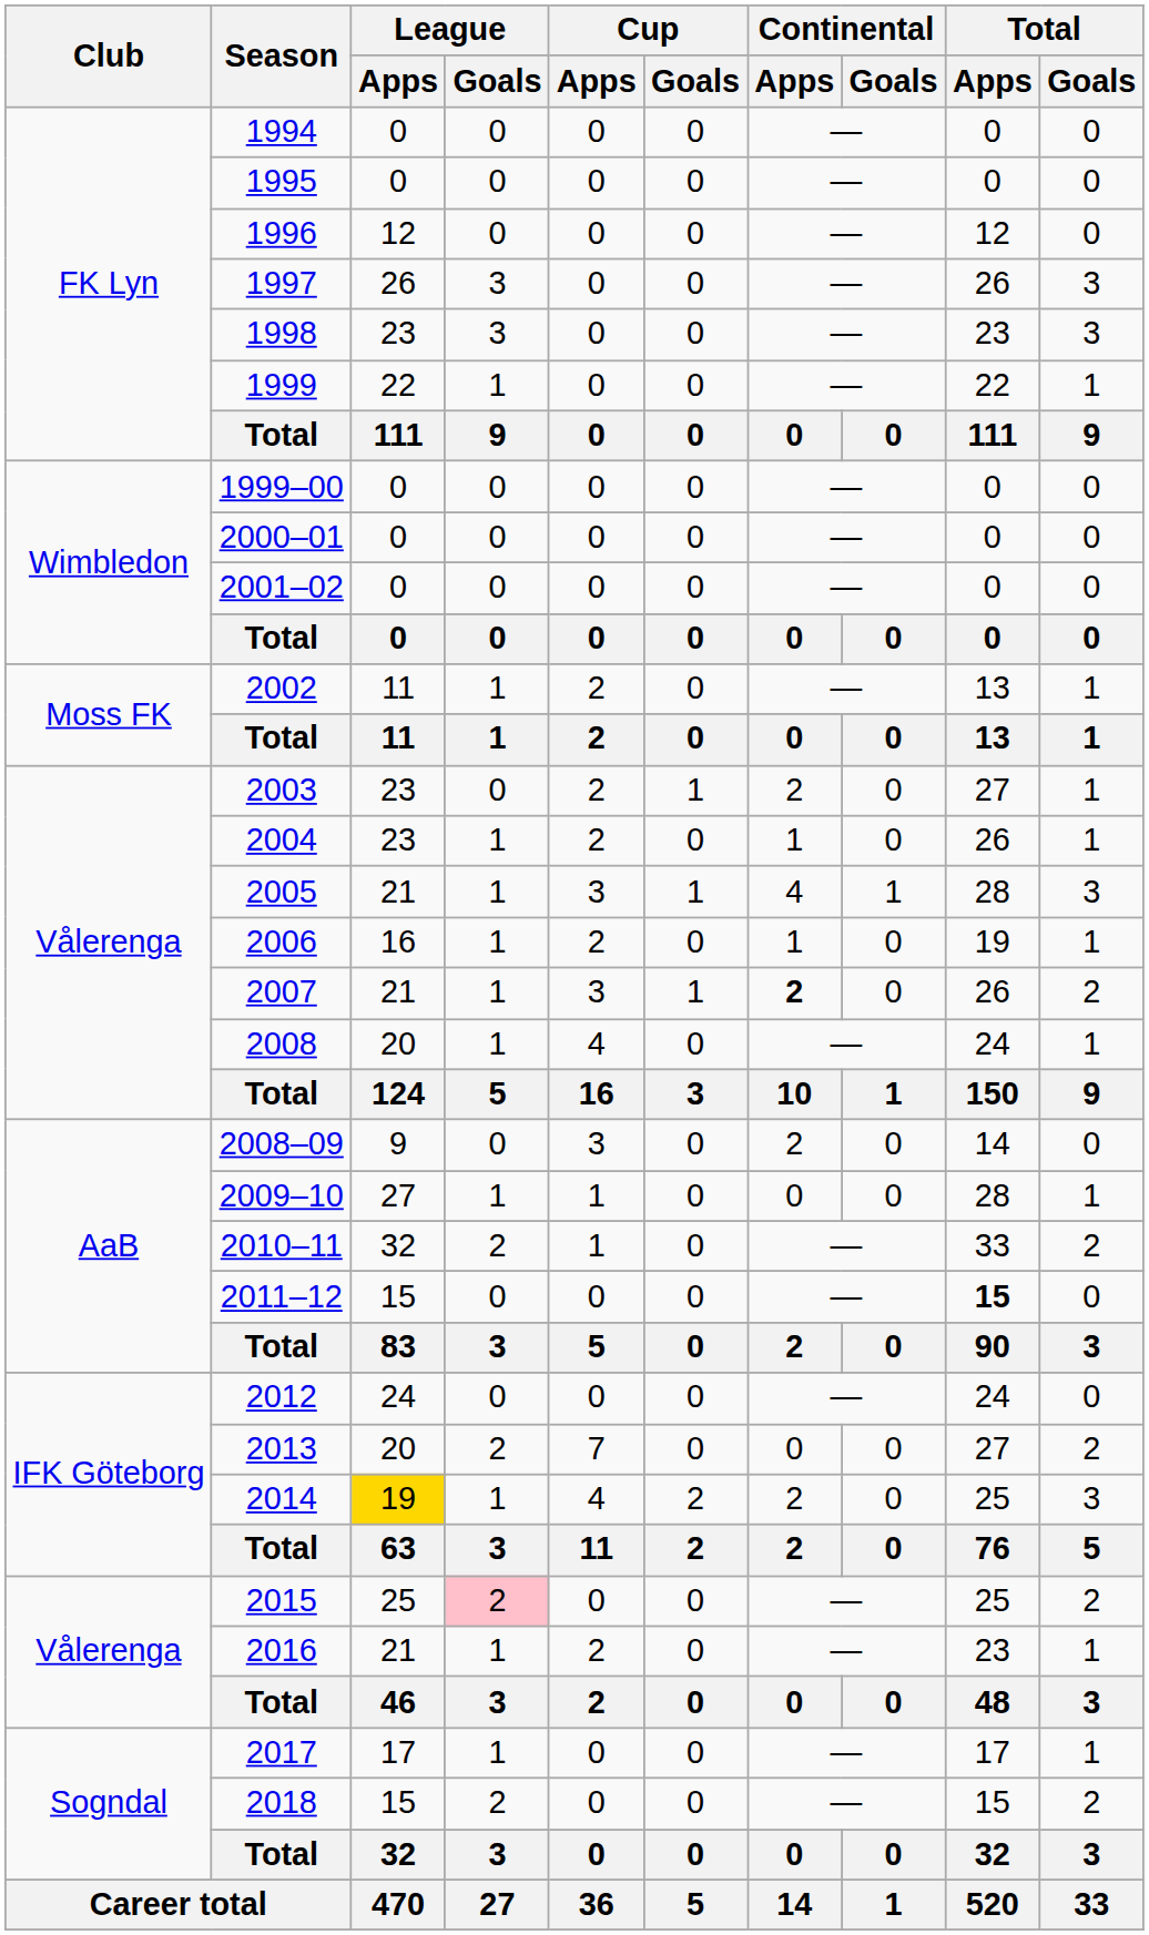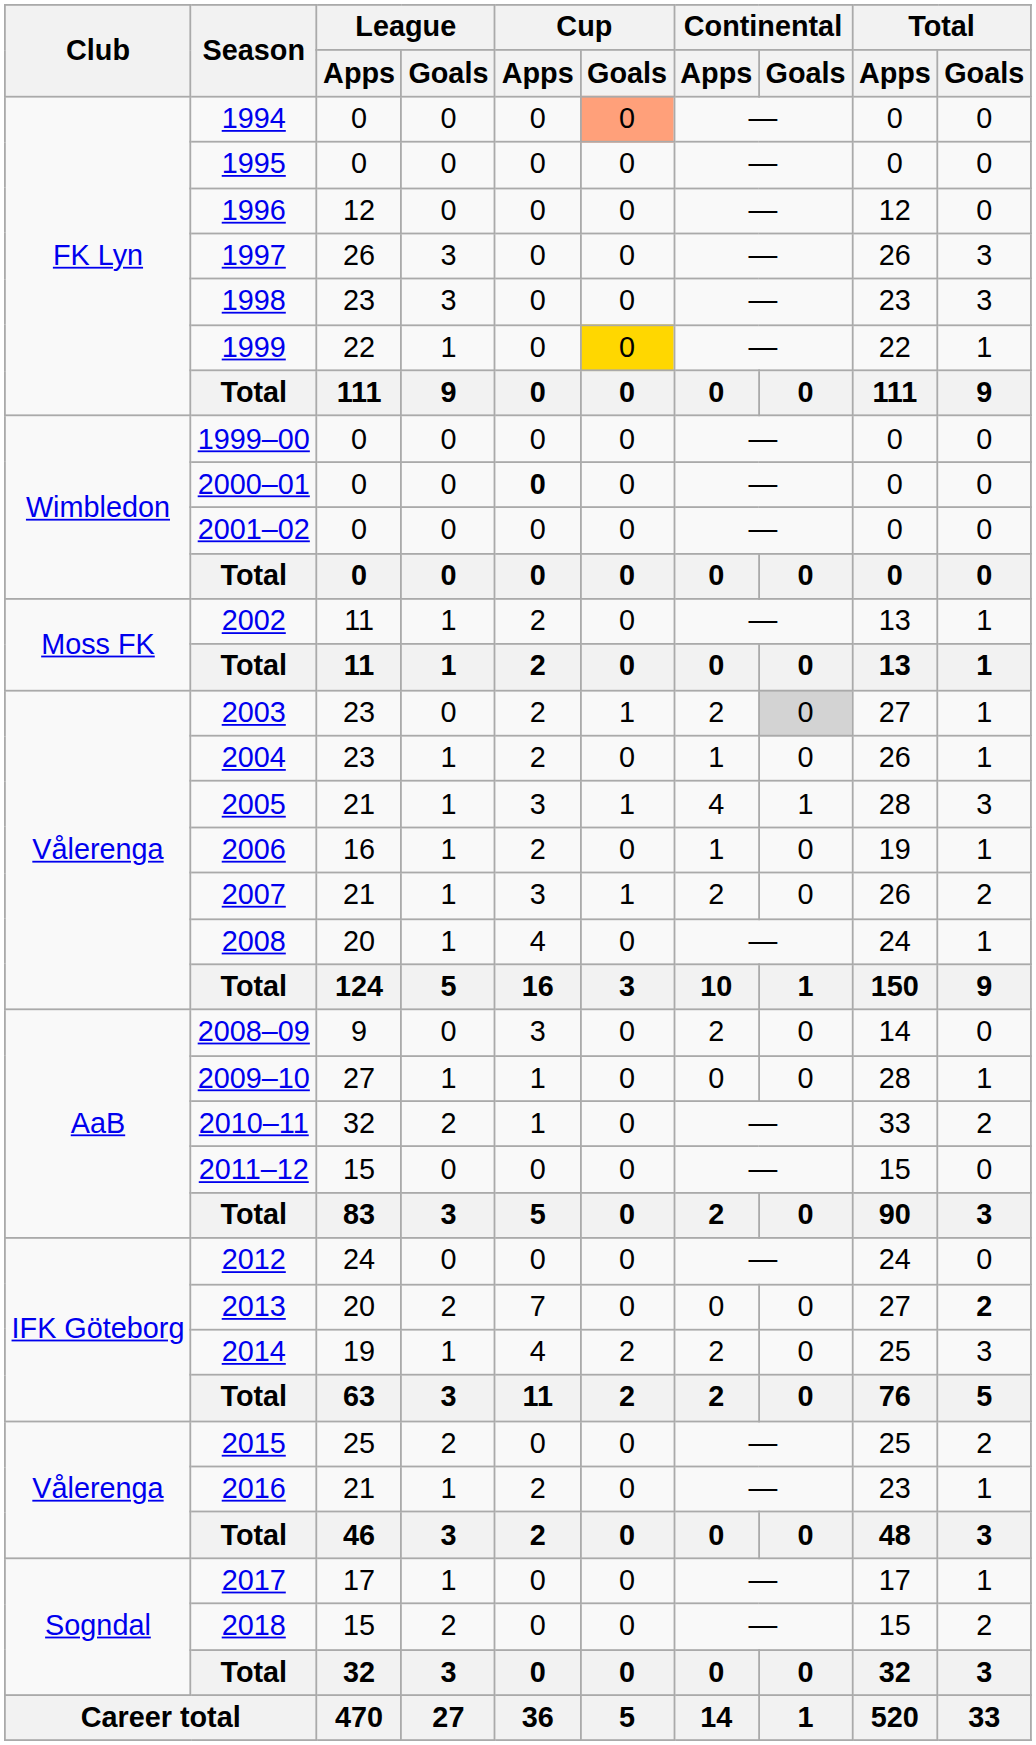 <table class="wikitable" style="text-align:center">
 <tr>
 <th rowspan="2">Club</th>
 <th rowspan="2">Season</th>
 <th colspan="2">League</th>
 <th colspan="2">Cup</th>
 <th colspan="2">Continental</th>
 <th colspan="2">Total</th>
 </tr>
 <tr>
 <th>Apps</th>
 <th>Goals</th>
 <th>Apps</th>
 <th>Goals</th>
 <th>Apps</th>
 <th>Goals</th>
 <th>Apps</th>
 <th>Goals</th>
 </tr>
 <tr>
 <td rowspan=7><a href='#'>FK Lyn</a></td>
 <td><a href='#'>1994</a></td>
 <td>0</td>
 <td>0</td>
 <td>0</td>
-<td>0</td>
+<td style="background: lightsalmon;">0</td>
 <td colspan="2">—</td>
 <td>0</td>
 <td>0</td>
 </tr>
 <tr>
 <td><a href='#'>1995</a></td>
 <td>0</td>
 <td>0</td>
 <td>0</td>
 <td>0</td>
 <td colspan="2">—</td>
 <td>0</td>
 <td>0</td>
 </tr>
 <tr>
 <td><a href='#'>1996</a></td>
 <td>12</td>
 <td>0</td>
 <td>0</td>
 <td>0</td>
 <td colspan="2">—</td>
 <td>12</td>
 <td>0</td>
 </tr>
 <tr>
 <td><a href='#'>1997</a></td>
 <td>26</td>
 <td>3</td>
 <td>0</td>
 <td>0</td>
 <td colspan="2">—</td>
 <td>26</td>
 <td>3</td>
 </tr>
 <tr>
 <td><a href='#'>1998</a></td>
 <td>23</td>
 <td>3</td>
 <td>0</td>
 <td>0</td>
 <td colspan="2">—</td>
 <td>23</td>
 <td>3</td>
 </tr>
 <tr>
 <td><a href='#'>1999</a></td>
 <td>22</td>
 <td>1</td>
 <td>0</td>
-<td>0</td>
+<td style="background: gold;">0</td>
 <td colspan="2">—</td>
 <td>22</td>
 <td>1</td>
 </tr>
 <tr>
 <th>Total</th>
 <th>111</th>
 <th>9</th>
 <th>0</th>
 <th>0</th>
 <th>0</th>
 <th>0</th>
 <th>111</th>
 <th>9</th>
 </tr>
 <tr>
 <td rowspan=4><a href='#'>Wimbledon</a></td>
 <td><a href='#'>1999–00</a></td>
 <td>0</td>
 <td>0</td>
 <td>0</td>
 <td>0</td>
 <td colspan="2">—</td>
 <td>0</td>
 <td>0</td>
 </tr>
 <tr>
 <td><a href='#'>2000–01</a></td>
 <td>0</td>
 <td>0</td>
-<td>0</td>
+<td><strong>0</strong></td>
 <td>0</td>
 <td colspan="2">—</td>
 <td>0</td>
 <td>0</td>
 </tr>
 <tr>
 <td><a href='#'>2001–02</a></td>
 <td>0</td>
 <td>0</td>
 <td>0</td>
 <td>0</td>
 <td colspan="2">—</td>
 <td>0</td>
 <td>0</td>
 </tr>
 <tr>
 <th>Total</th>
 <th>0</th>
 <th>0</th>
 <th>0</th>
 <th>0</th>
 <th>0</th>
 <th>0</th>
 <th>0</th>
 <th>0</th>
 </tr>
 <tr>
 <td rowspan=2><a href='#'>Moss FK</a></td>
 <td><a href='#'>2002</a></td>
 <td>11</td>
 <td>1</td>
 <td>2</td>
 <td>0</td>
 <td colspan="2">—</td>
 <td>13</td>
 <td>1</td>
 </tr>
 <tr>
 <th>Total</th>
 <th>11</th>
 <th>1</th>
 <th>2</th>
 <th>0</th>
 <th>0</th>
 <th>0</th>
 <th>13</th>
 <th>1</th>
 </tr>
 <tr>
 <td rowspan=7><a href='#'>Vålerenga</a></td>
 <td><a href='#'>2003</a></td>
 <td>23</td>
 <td>0</td>
 <td>2</td>
 <td>1</td>
 <td>2</td>
-<td>0</td>
+<td style="background: lightgrey;">0</td>
 <td>27</td>
 <td>1</td>
 </tr>
 <tr>
 <td><a href='#'>2004</a></td>
 <td>23</td>
 <td>1</td>
 <td>2</td>
 <td>0</td>
 <td>1</td>
 <td>0</td>
 <td>26</td>
 <td>1</td>
 </tr>
 <tr>
 <td><a href='#'>2005</a></td>
 <td>21</td>
 <td>1</td>
 <td>3</td>
 <td>1</td>
 <td>4</td>
 <td>1</td>
 <td>28</td>
 <td>3</td>
 </tr>
 <tr>
 <td><a href='#'>2006</a></td>
 <td>16</td>
 <td>1</td>
 <td>2</td>
 <td>0</td>
 <td>1</td>
 <td>0</td>
 <td>19</td>
 <td>1</td>
 </tr>
 <tr>
 <td><a href='#'>2007</a></td>
 <td>21</td>
 <td>1</td>
 <td>3</td>
 <td>1</td>
-<td><strong>2</strong></td>
+<td>2</td>
 <td>0</td>
 <td>26</td>
 <td>2</td>
 </tr>
 <tr>
 <td><a href='#'>2008</a></td>
 <td>20</td>
 <td>1</td>
 <td>4</td>
 <td>0</td>
 <td colspan="2">—</td>
 <td>24</td>
 <td>1</td>
 </tr>
 <tr>
 <th>Total</th>
 <th>124</th>
 <th>5</th>
 <th>16</th>
 <th>3</th>
 <th>10</th>
 <th>1</th>
 <th>150</th>
 <th>9</th>
 </tr>
 <tr>
 <td rowspan=5><a href='#'>AaB</a></td>
 <td><a href='#'>2008–09</a></td>
 <td>9</td>
 <td>0</td>
 <td>3</td>
 <td>0</td>
 <td>2</td>
 <td>0</td>
 <td>14</td>
 <td>0</td>
 </tr>
 <tr>
 <td><a href='#'>2009–10</a></td>
 <td>27</td>
 <td>1</td>
 <td>1</td>
 <td>0</td>
 <td>0</td>
 <td>0</td>
 <td>28</td>
 <td>1</td>
 </tr>
 <tr>
 <td><a href='#'>2010–11</a></td>
 <td>32</td>
 <td>2</td>
 <td>1</td>
 <td>0</td>
 <td colspan="2">—</td>
 <td>33</td>
 <td>2</td>
 </tr>
 <tr>
 <td><a href='#'>2011–12</a></td>
 <td>15</td>
 <td>0</td>
 <td>0</td>
 <td>0</td>
 <td colspan="2">—</td>
-<td><strong>15</strong></td>
+<td>15</td>
 <td>0</td>
 </tr>
 <tr>
 <th>Total</th>
 <th>83</th>
 <th>3</th>
 <th>5</th>
 <th>0</th>
 <th>2</th>
 <th>0</th>
 <th>90</th>
 <th>3</th>
 </tr>
 <tr>
 <td rowspan=4><a href='#'>IFK Göteborg</a></td>
 <td><a href='#'>2012</a></td>
 <td>24</td>
 <td>0</td>
 <td>0</td>
 <td>0</td>
 <td colspan="2">—</td>
 <td>24</td>
 <td>0</td>
 </tr>
 <tr>
 <td><a href='#'>2013</a></td>
 <td>20</td>
 <td>2</td>
 <td>7</td>
 <td>0</td>
 <td>0</td>
 <td>0</td>
 <td>27</td>
-<td>2</td>
+<td><strong>2</strong></td>
 </tr>
 <tr>
 <td><a href='#'>2014</a></td>
-<td style="background: gold;">19</td>
+<td>19</td>
 <td>1</td>
 <td>4</td>
 <td>2</td>
 <td>2</td>
 <td>0</td>
 <td>25</td>
 <td>3</td>
 </tr>
 <tr>
 <th>Total</th>
 <th>63</th>
 <th>3</th>
 <th>11</th>
 <th>2</th>
 <th>2</th>
 <th>0</th>
 <th>76</th>
 <th>5</th>
 </tr>
 <tr>
 <td rowspan=3><a href='#'>Vålerenga</a></td>
 <td><a href='#'>2015</a></td>
 <td>25</td>
-<td style="background: pink;">2</td>
+<td>2</td>
 <td>0</td>
 <td>0</td>
 <td colspan="2">—</td>
 <td>25</td>
 <td>2</td>
 </tr>
 <tr>
 <td><a href='#'>2016</a></td>
 <td>21</td>
 <td>1</td>
 <td>2</td>
 <td>0</td>
 <td colspan="2">—</td>
 <td>23</td>
 <td>1</td>
 </tr>
 <tr>
 <th>Total</th>
 <th>46</th>
 <th>3</th>
 <th>2</th>
 <th>0</th>
 <th>0</th>
 <th>0</th>
 <th>48</th>
 <th>3</th>
 </tr>
 <tr>
 <td rowspan=3><a href='#'>Sogndal</a></td>
 <td><a href='#'>2017</a></td>
 <td>17</td>
 <td>1</td>
 <td>0</td>
 <td>0</td>
 <td colspan="2">—</td>
 <td>17</td>
 <td>1</td>
 </tr>
 <tr>
 <td><a href='#'>2018</a></td>
 <td>15</td>
 <td>2</td>
 <td>0</td>
 <td>0</td>
 <td colspan="2">—</td>
 <td>15</td>
 <td>2</td>
 </tr>
 <tr>
 <th>Total</th>
 <th>32</th>
 <th>3</th>
 <th>0</th>
 <th>0</th>
 <th>0</th>
 <th>0</th>
 <th>32</th>
 <th>3</th>
 </tr>
 <tr>
 <th colspan="2">Career total</th>
 <th>470</th>
 <th>27</th>
 <th>36</th>
 <th>5</th>
 <th>14</th>
 <th>1</th>
 <th>520</th>
 <th>33</th>
 </tr>
 </table>
